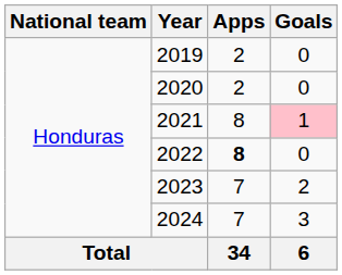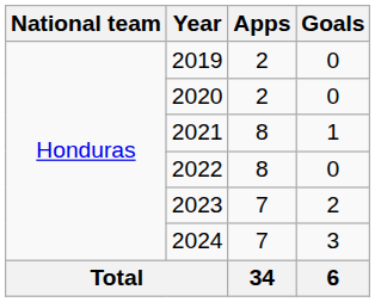 <table class="wikitable" style="text-align:center">
 <tr>
 <th>National team</th>
 <th>Year</th>
 <th>Apps</th>
 <th>Goals</th>
 </tr>
 <tr>
 <td rowspan="6"><a href='#'>Honduras</a></td>
 <td>2019</td>
 <td>2</td>
 <td>0</td>
 </tr>
 <tr>
 <td>2020</td>
 <td>2</td>
 <td>0</td>
 </tr>
 <tr>
 <td>2021</td>
 <td>8</td>
-<td style="background: pink;">1</td>
+<td>1</td>
 </tr>
 <tr>
 <td>2022</td>
-<td><strong>8</strong></td>
+<td>8</td>
 <td>0</td>
 </tr>
 <tr>
 <td>2023</td>
 <td>7</td>
 <td>2</td>
 </tr>
 <tr>
 <td>2024</td>
 <td>7</td>
 <td>3</td>
 </tr>
 <tr>
 <th colspan="2">Total</th>
 <th>34</th>
 <th>6</th>
 </tr>
 </table>
